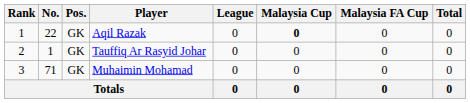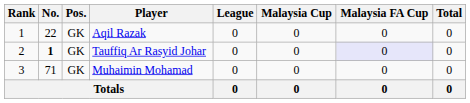 <table class="wikitable sortable" style="text-align:center;width:100%;">
 <tr>
 <th>Rank</th>
 <th>No.</th>
 <th>Pos.</th>
 <th>Player</th>
 <th>League</th>
 <th>Malaysia Cup</th>
 <th>Malaysia FA Cup</th>
 <th>Total</th>
 </tr>
 <tr>
 <td>1</td>
 <td>22</td>
 <td>GK</td>
 <td align="left"> <a href='#'>Aqil Razak</a></td>
 <td>0</td>
-<td><strong>0</strong></td>
+<td>0</td>
 <td>0</td>
 <td>0</td>
 </tr>
 <tr>
 <td rowspan="1">2</td>
-<td>1</td>
+<td><strong>1</strong></td>
 <td>GK</td>
 <td align="left"> <a href='#'>Tauffiq Ar Rasyid Johar</a></td>
 <td>0</td>
 <td>0</td>
-<td>0</td>
+<td style="background: lavender;">0</td>
 <td>0</td>
 </tr>
 <tr>
 <td>3</td>
 <td>71</td>
 <td>GK</td>
 <td align="left"> <a href='#'>Muhaimin Mohamad</a></td>
 <td>0</td>
 <td>0</td>
 <td>0</td>
 <td>0</td>
 </tr>
 <tr>
 <th colspan="4"><strong>Totals</strong></th>
 <th>0</th>
 <th>0</th>
 <th>0</th>
 <th>0</th>
 </tr>
 </table>
